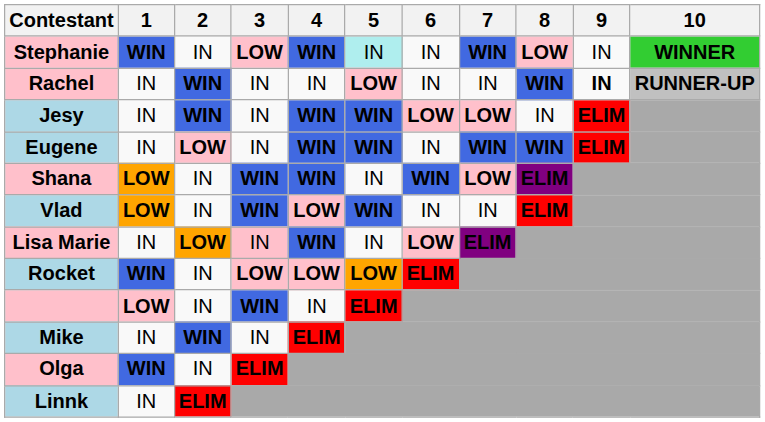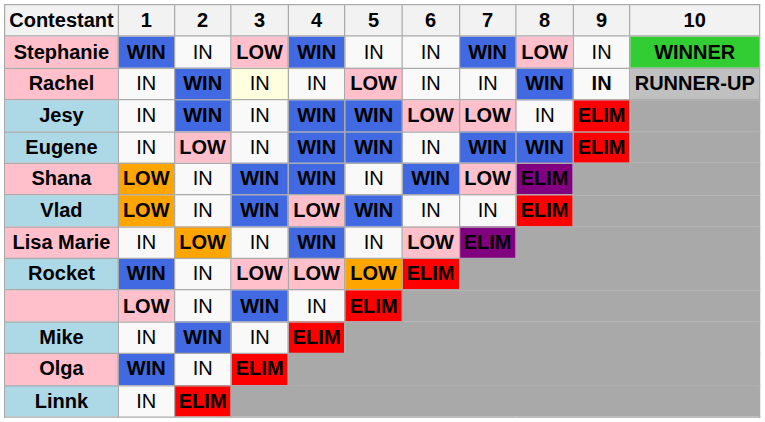 <table class="wikitable" style="text-align:center">
 <tr>
 <th>Contestant</th>
 <th>1</th>
 <th>2</th>
 <th>3</th>
 <th>4</th>
 <th>5</th>
 <th>6</th>
 <th>7</th>
 <th>8</th>
 <th>9</th>
 <th>10</th>
 </tr>
 <tr>
 <td style="background:pink;"><strong> Stephanie</strong></td>
 <td bgcolor="royalblue"><strong>WIN</strong></td>
 <td>IN</td>
 <td bgcolor="pink"><strong>LOW</strong></td>
 <td bgcolor="royalblue"><strong>WIN</strong></td>
-<td style="background: paleturquoise;">IN</td>
+<td>IN</td>
 <td>IN</td>
 <td bgcolor="royalblue"><strong>WIN</strong></td>
 <td bgcolor="pink"><strong>LOW</strong></td>
 <td>IN</td>
 <td bgcolor=limegreen><strong>WINNER</strong></td>
 </tr>
 <tr>
 <td style="background:pink;"><strong> Rachel</strong></td>
 <td>IN</td>
 <td bgcolor="royalblue"><strong>WIN</strong></td>
-<td>IN</td>
+<td style="background: lightyellow;">IN</td>
 <td>IN</td>
 <td bgcolor="pink"><strong>LOW</strong></td>
 <td>IN</td>
 <td>IN</td>
 <td bgcolor="royalblue"><strong>WIN</strong></td>
 <td><strong>IN</strong></td>
 <td bgcolor=silver><strong>RUNNER-UP</strong></td>
 </tr>
 <tr>
 <td style="background:lightblue;"><strong> Jesy</strong></td>
 <td>IN</td>
 <td bgcolor="royalblue"><strong>WIN</strong></td>
 <td>IN</td>
 <td bgcolor="royalblue"><strong>WIN</strong></td>
 <td bgcolor="royalblue"><strong>WIN</strong></td>
 <td bgcolor="pink"><strong>LOW</strong></td>
 <td bgcolor="pink"><strong>LOW</strong></td>
 <td>IN</td>
 <td bgcolor="red"><strong>ELIM</strong></td>
 <td colspan=9 bgcolor=darkgray></td>
 </tr>
 <tr>
 <td style="background:lightblue;"><strong> Eugene</strong></td>
 <td>IN</td>
 <td bgcolor="pink"><strong>LOW</strong></td>
 <td>IN</td>
 <td bgcolor="royalblue"><strong>WIN</strong></td>
 <td bgcolor="royalblue"><strong>WIN</strong></td>
 <td>IN</td>
 <td bgcolor="royalblue"><strong>WIN</strong></td>
 <td bgcolor="royalblue"><strong>WIN</strong></td>
 <td bgcolor="red"><strong>ELIM</strong></td>
 <td colspan=9 bgcolor=darkgray></td>
 </tr>
 <tr>
 <td style="background:pink;"><strong> Shana</strong></td>
 <td bgcolor="orange"><strong>LOW</strong></td>
 <td>IN</td>
 <td bgcolor="royalblue"><strong>WIN</strong></td>
 <td bgcolor="royalblue"><strong>WIN</strong></td>
 <td>IN</td>
 <td bgcolor="royalblue"><strong>WIN</strong></td>
 <td bgcolor="pink"><strong>LOW</strong></td>
 <td bgcolor="purple"><strong>ELIM</strong></td>
 <td colspan=9 bgcolor=darkgray></td>
 </tr>
 <tr>
 <td style="background:lightblue;"><strong> Vlad</strong></td>
 <td bgcolor="orange"><strong>LOW</strong></td>
 <td>IN</td>
 <td bgcolor="royalblue"><strong>WIN</strong></td>
 <td bgcolor="pink"><strong>LOW</strong></td>
 <td bgcolor="royalblue"><strong>WIN</strong></td>
 <td>IN</td>
 <td>IN</td>
 <td bgcolor="red"><strong>ELIM</strong></td>
 <td colspan=9 bgcolor=darkgray></td>
 </tr>
 <tr>
 <td style="background:pink;"><strong> Lisa Marie</strong></td>
 <td>IN</td>
 <td bgcolor="orange"><strong>LOW</strong></td>
-<td style="background: pink;">IN</td>
+<td>IN</td>
 <td bgcolor="royalblue"><strong>WIN</strong></td>
 <td>IN</td>
 <td bgcolor="pink"><strong>LOW</strong></td>
 <td bgcolor="purple"><strong>ELIM</strong></td>
 <td colspan=9 bgcolor=darkgray></td>
 </tr>
 <tr>
 <td style="background:lightblue;"><strong> Rocket</strong></td>
 <td bgcolor="royalblue"><strong>WIN</strong></td>
 <td>IN</td>
 <td bgcolor="pink"><strong>LOW</strong></td>
 <td bgcolor="pink"><strong>LOW</strong></td>
 <td bgcolor="orange"><strong>LOW</strong></td>
 <td bgcolor="red"><strong>ELIM</strong></td>
 <td colspan=9 bgcolor=darkgray></td>
 </tr>
 <tr>
 <td style="background:pink;"><strong></strong></td>
 <td bgcolor="pink"><strong>LOW</strong></td>
 <td>IN</td>
 <td bgcolor="royalblue"><strong>WIN</strong></td>
 <td>IN</td>
 <td bgcolor="red"><strong>ELIM</strong></td>
 <td colspan=9 bgcolor=darkgray></td>
 </tr>
 <tr>
 <td style="background:lightblue;"><strong> Mike</strong></td>
 <td>IN</td>
 <td bgcolor="royalblue"><strong>WIN</strong></td>
 <td>IN</td>
 <td bgcolor="red"><strong>ELIM</strong></td>
 <td colspan=9 bgcolor=darkgray></td>
 </tr>
 <tr>
 <td style="background:pink;"><strong> Olga</strong></td>
 <td bgcolor="royalblue"><strong>WIN</strong></td>
 <td>IN</td>
 <td bgcolor="red"><strong>ELIM</strong></td>
 <td colspan=9 bgcolor=darkgray></td>
 </tr>
 <tr>
 <td style="background:lightblue;"><strong> Linnk</strong></td>
 <td>IN</td>
 <td bgcolor="red"><strong>ELIM</strong></td>
 <td colspan=9 bgcolor=darkgray></td>
 </tr>
 </table>
